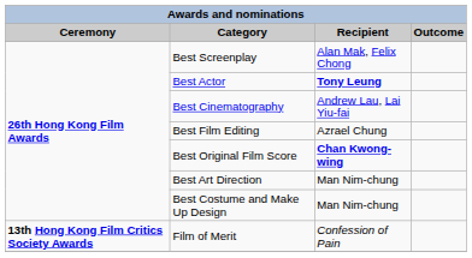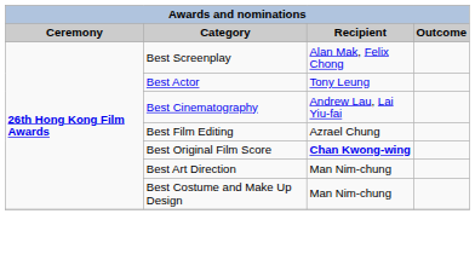 <table class="wikitable" style="font-size:95%">
 <tr style="background:#ccc; text-align:center;">
 <th colspan="4" style="background: LightSteelBlue;">Awards and nominations</th>
 </tr>
 <tr style="background:#ccc; text-align:center;">
 <th style="background:#ccc">Ceremony</th>
 <th style="background:#ccc">Category</th>
 <th style="background:#ccc">Recipient</th>
 <th style="background:#ccc">Outcome</th>
 </tr>
 <tr>
 <td rowspan=7><strong><a href='#'>26th Hong Kong Film Awards</a></strong></td>
 <td>Best Screenplay</td>
 <td><a href='#'>Alan Mak</a>, <a href='#'>Felix Chong</a></td>
 <td></td>
 </tr>
 <tr>
 <td><a href='#'>Best Actor</a></td>
-<td><strong><a href='#'>Tony Leung</a></strong></td>
+<td><a href='#'>Tony Leung</a></td>
 <td></td>
 </tr>
 <tr>
 <td><a href='#'>Best Cinematography</a></td>
 <td><a href='#'>Andrew Lau</a>, <a href='#'>Lai Yiu-fai</a></td>
 <td></td>
 </tr>
 <tr>
 <td>Best Film Editing</td>
 <td>Azrael Chung</td>
 <td></td>
 </tr>
 <tr>
 <td>Best Original Film Score</td>
 <td><strong><a href='#'>Chan Kwong-wing</a></strong></td>
 <td></td>
 </tr>
 <tr>
 <td>Best Art Direction</td>
 <td>Man Nim-chung</td>
 <td></td>
 </tr>
 <tr>
 <td>Best Costume and Make Up Design</td>
 <td>Man Nim-chung</td>
 <td></td>
 </tr>
 <tr>
-<td><strong>13th <a href='#'>Hong Kong Film Critics Society Awards</a></strong></td>
-<td>Film of Merit</td>
-<td><em>Confession of Pain</em></td>
-<td></td>
-</tr>
-<tr>
 </tr>
 </table>
